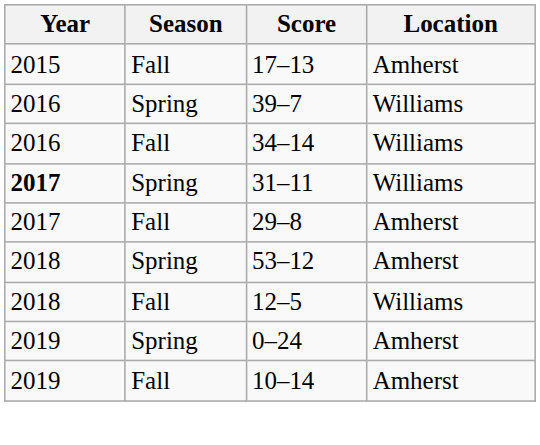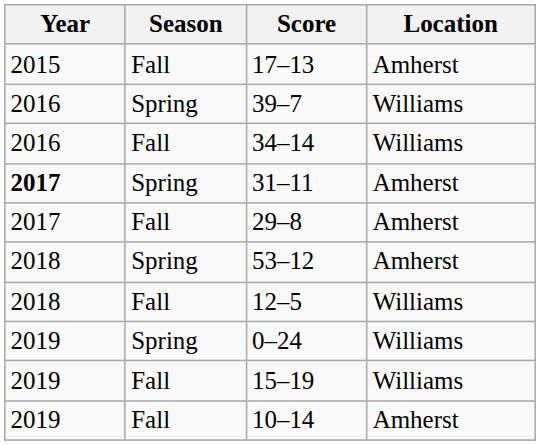 <table class="wikitable">
 <tr>
 <th width=70px>Year</th>
 <th width=70px>Season</th>
 <th width=70px>Score</th>
 <th width=100px>Location</th>
 </tr>
 <tr>
 <td>2015</td>
 <td>Fall</td>
 <td>17–13</td>
 <td>Amherst</td>
 </tr>
 <tr>
 <td>2016</td>
 <td>Spring</td>
 <td>39–7</td>
 <td>Williams</td>
 </tr>
 <tr>
 <td>2016</td>
 <td>Fall</td>
 <td>34–14</td>
 <td>Williams</td>
 </tr>
 <tr>
 <td><strong>2017</strong></td>
 <td>Spring</td>
 <td>31–11</td>
-<td>Williams</td>
+<td>Amherst</td>
 </tr>
 <tr>
 <td>2017</td>
 <td>Fall</td>
 <td>29–8</td>
 <td>Amherst</td>
 </tr>
 <tr>
 <td>2018</td>
 <td>Spring</td>
 <td>53–12</td>
 <td>Amherst</td>
 </tr>
 <tr>
 <td>2018</td>
 <td>Fall</td>
 <td>12–5</td>
 <td>Williams</td>
 </tr>
 <tr>
 <td>2019</td>
 <td>Spring</td>
 <td>0–24</td>
-<td>Amherst</td>
+<td>Williams</td>
+</tr>
+<tr>
+<td>2019</td>
+<td>Fall</td>
+<td>15–19</td>
+<td>Williams</td>
 </tr>
 <tr>
 <td>2019</td>
 <td>Fall</td>
 <td>10–14</td>
 <td>Amherst</td>
 </tr>
 </table>
